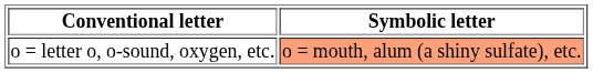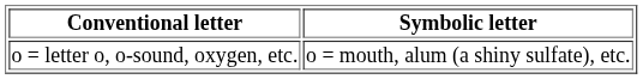 <table border="1">
 <tr ---->
 <th>Conventional letter</th>
 <th colspan="2">Symbolic letter</th>
 </tr>
 <tr ---->
 <td align="center">o = letter o, o-sound, oxygen, etc.</td>
-<td align="center" style="background: lightsalmon;">o = mouth, alum (a shiny sulfate), etc.</td>
+<td align="center">o = mouth, alum (a shiny sulfate), etc.</td>
 </tr>
 </table>
